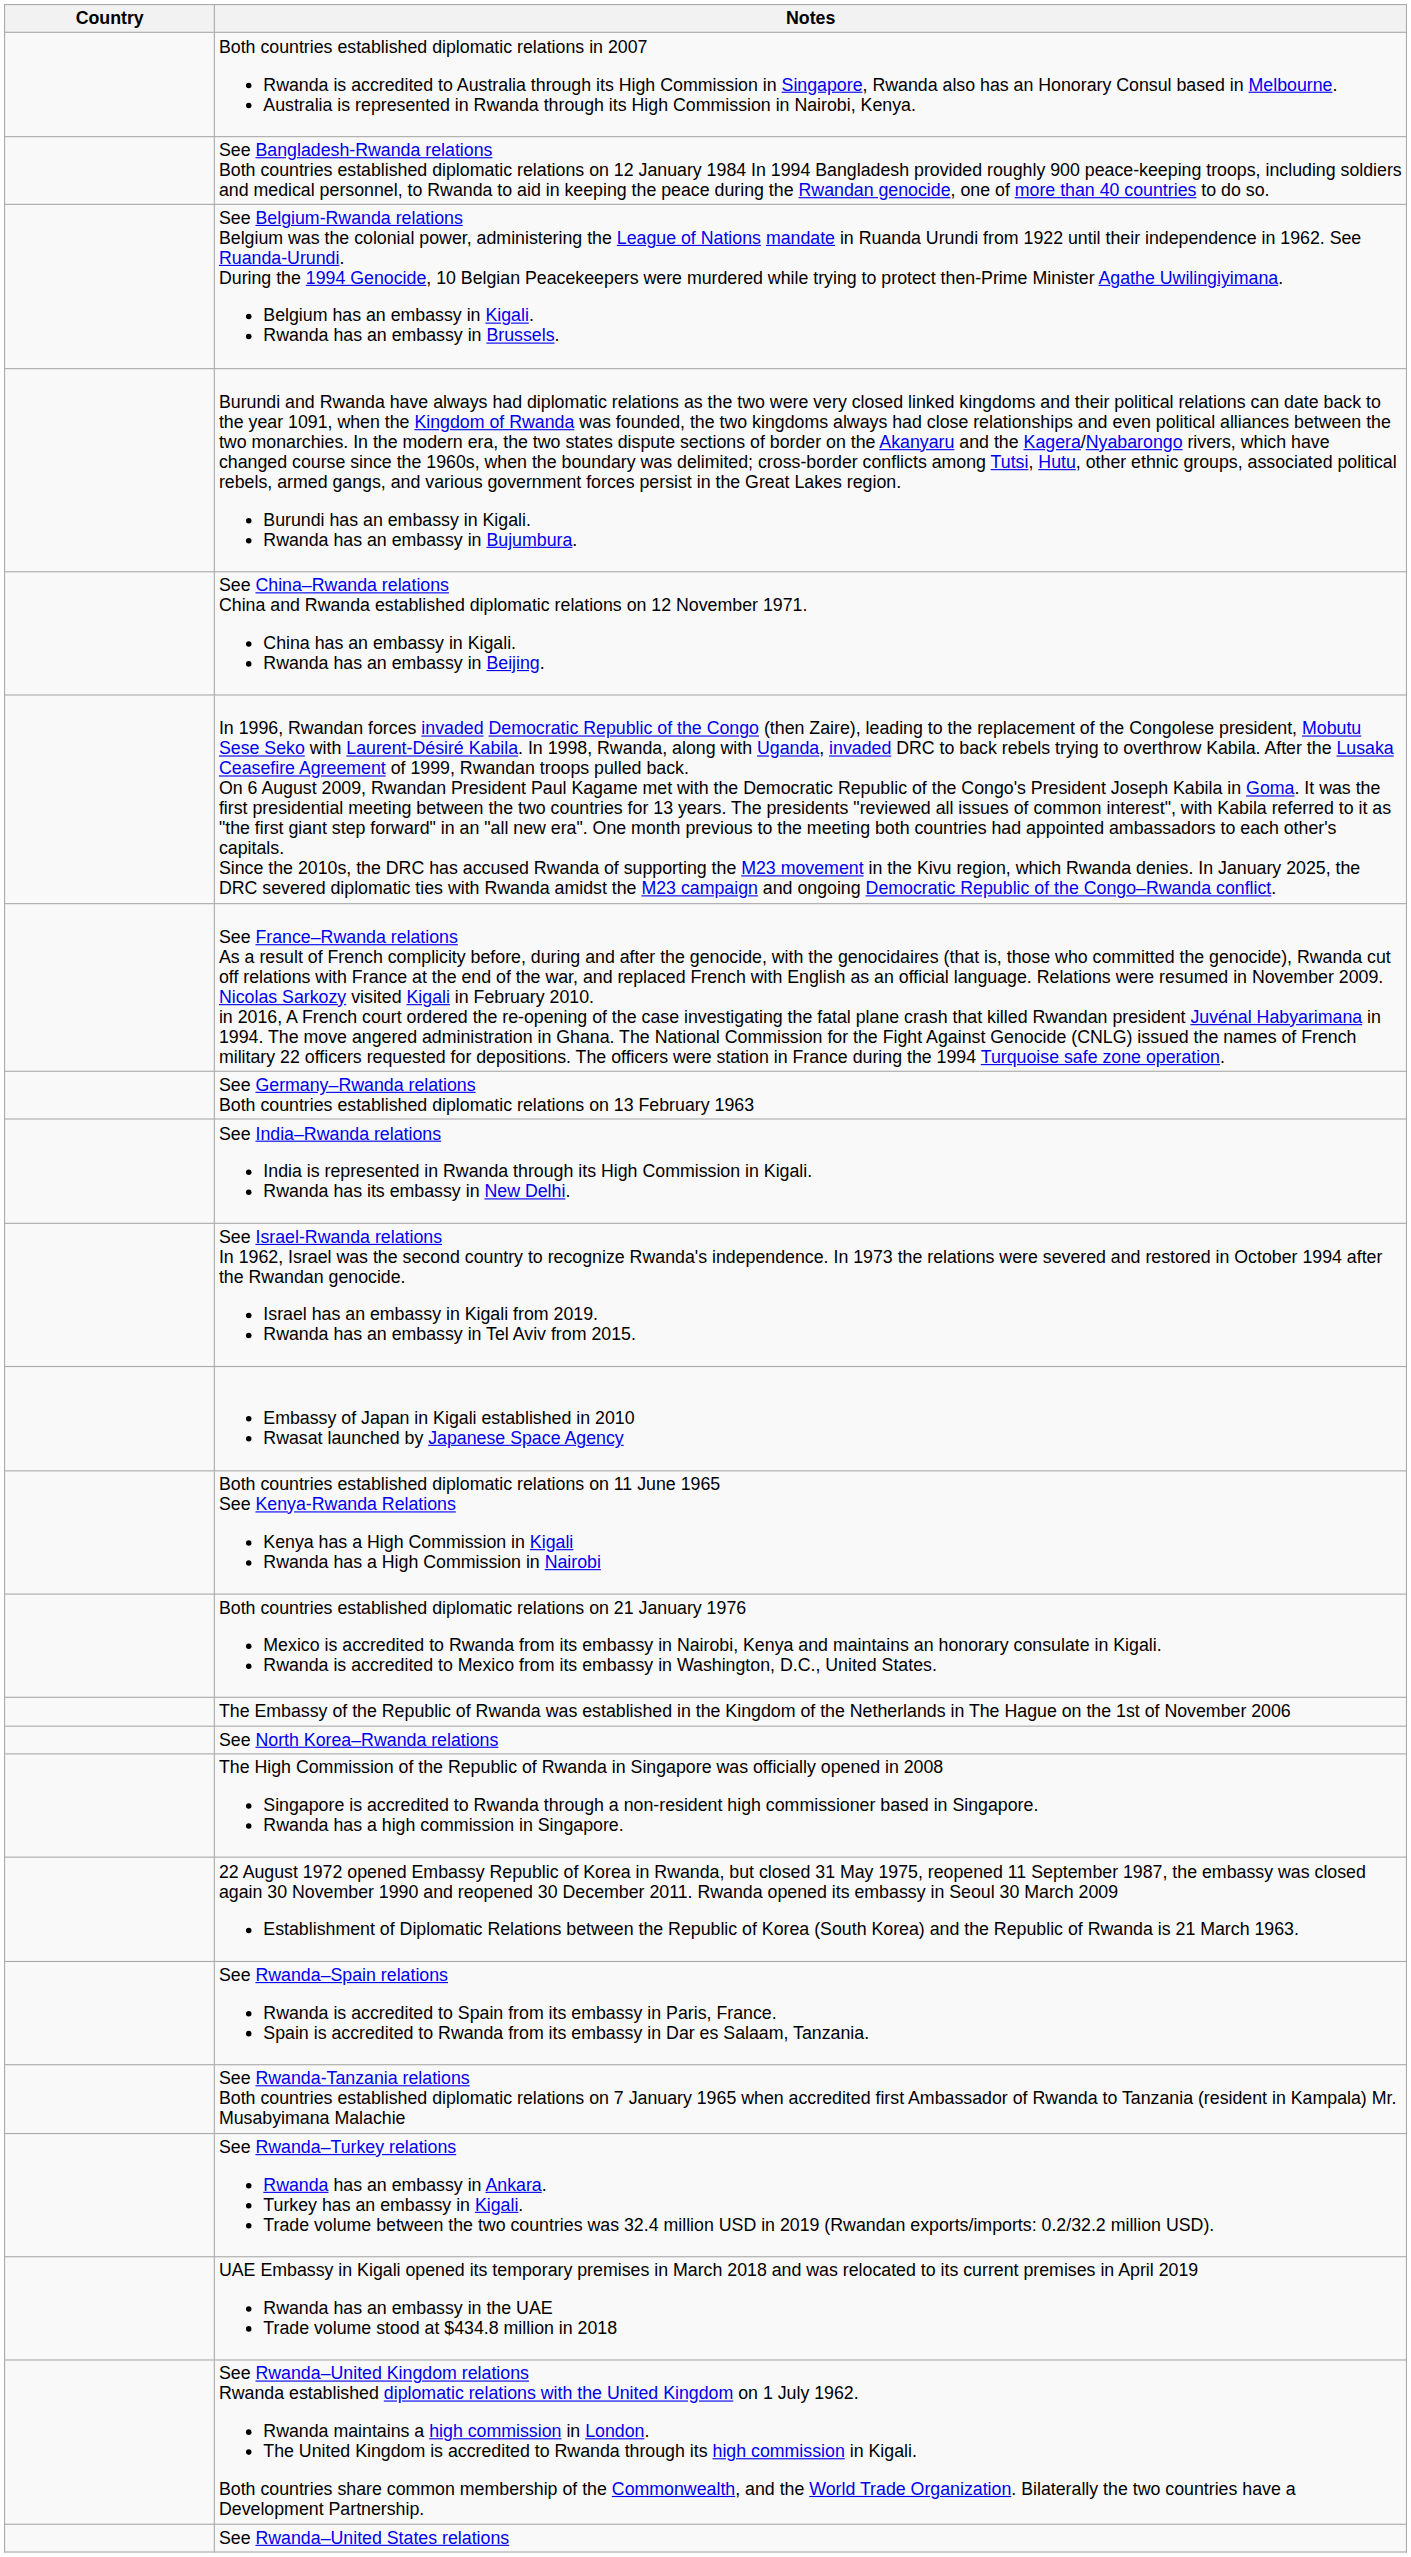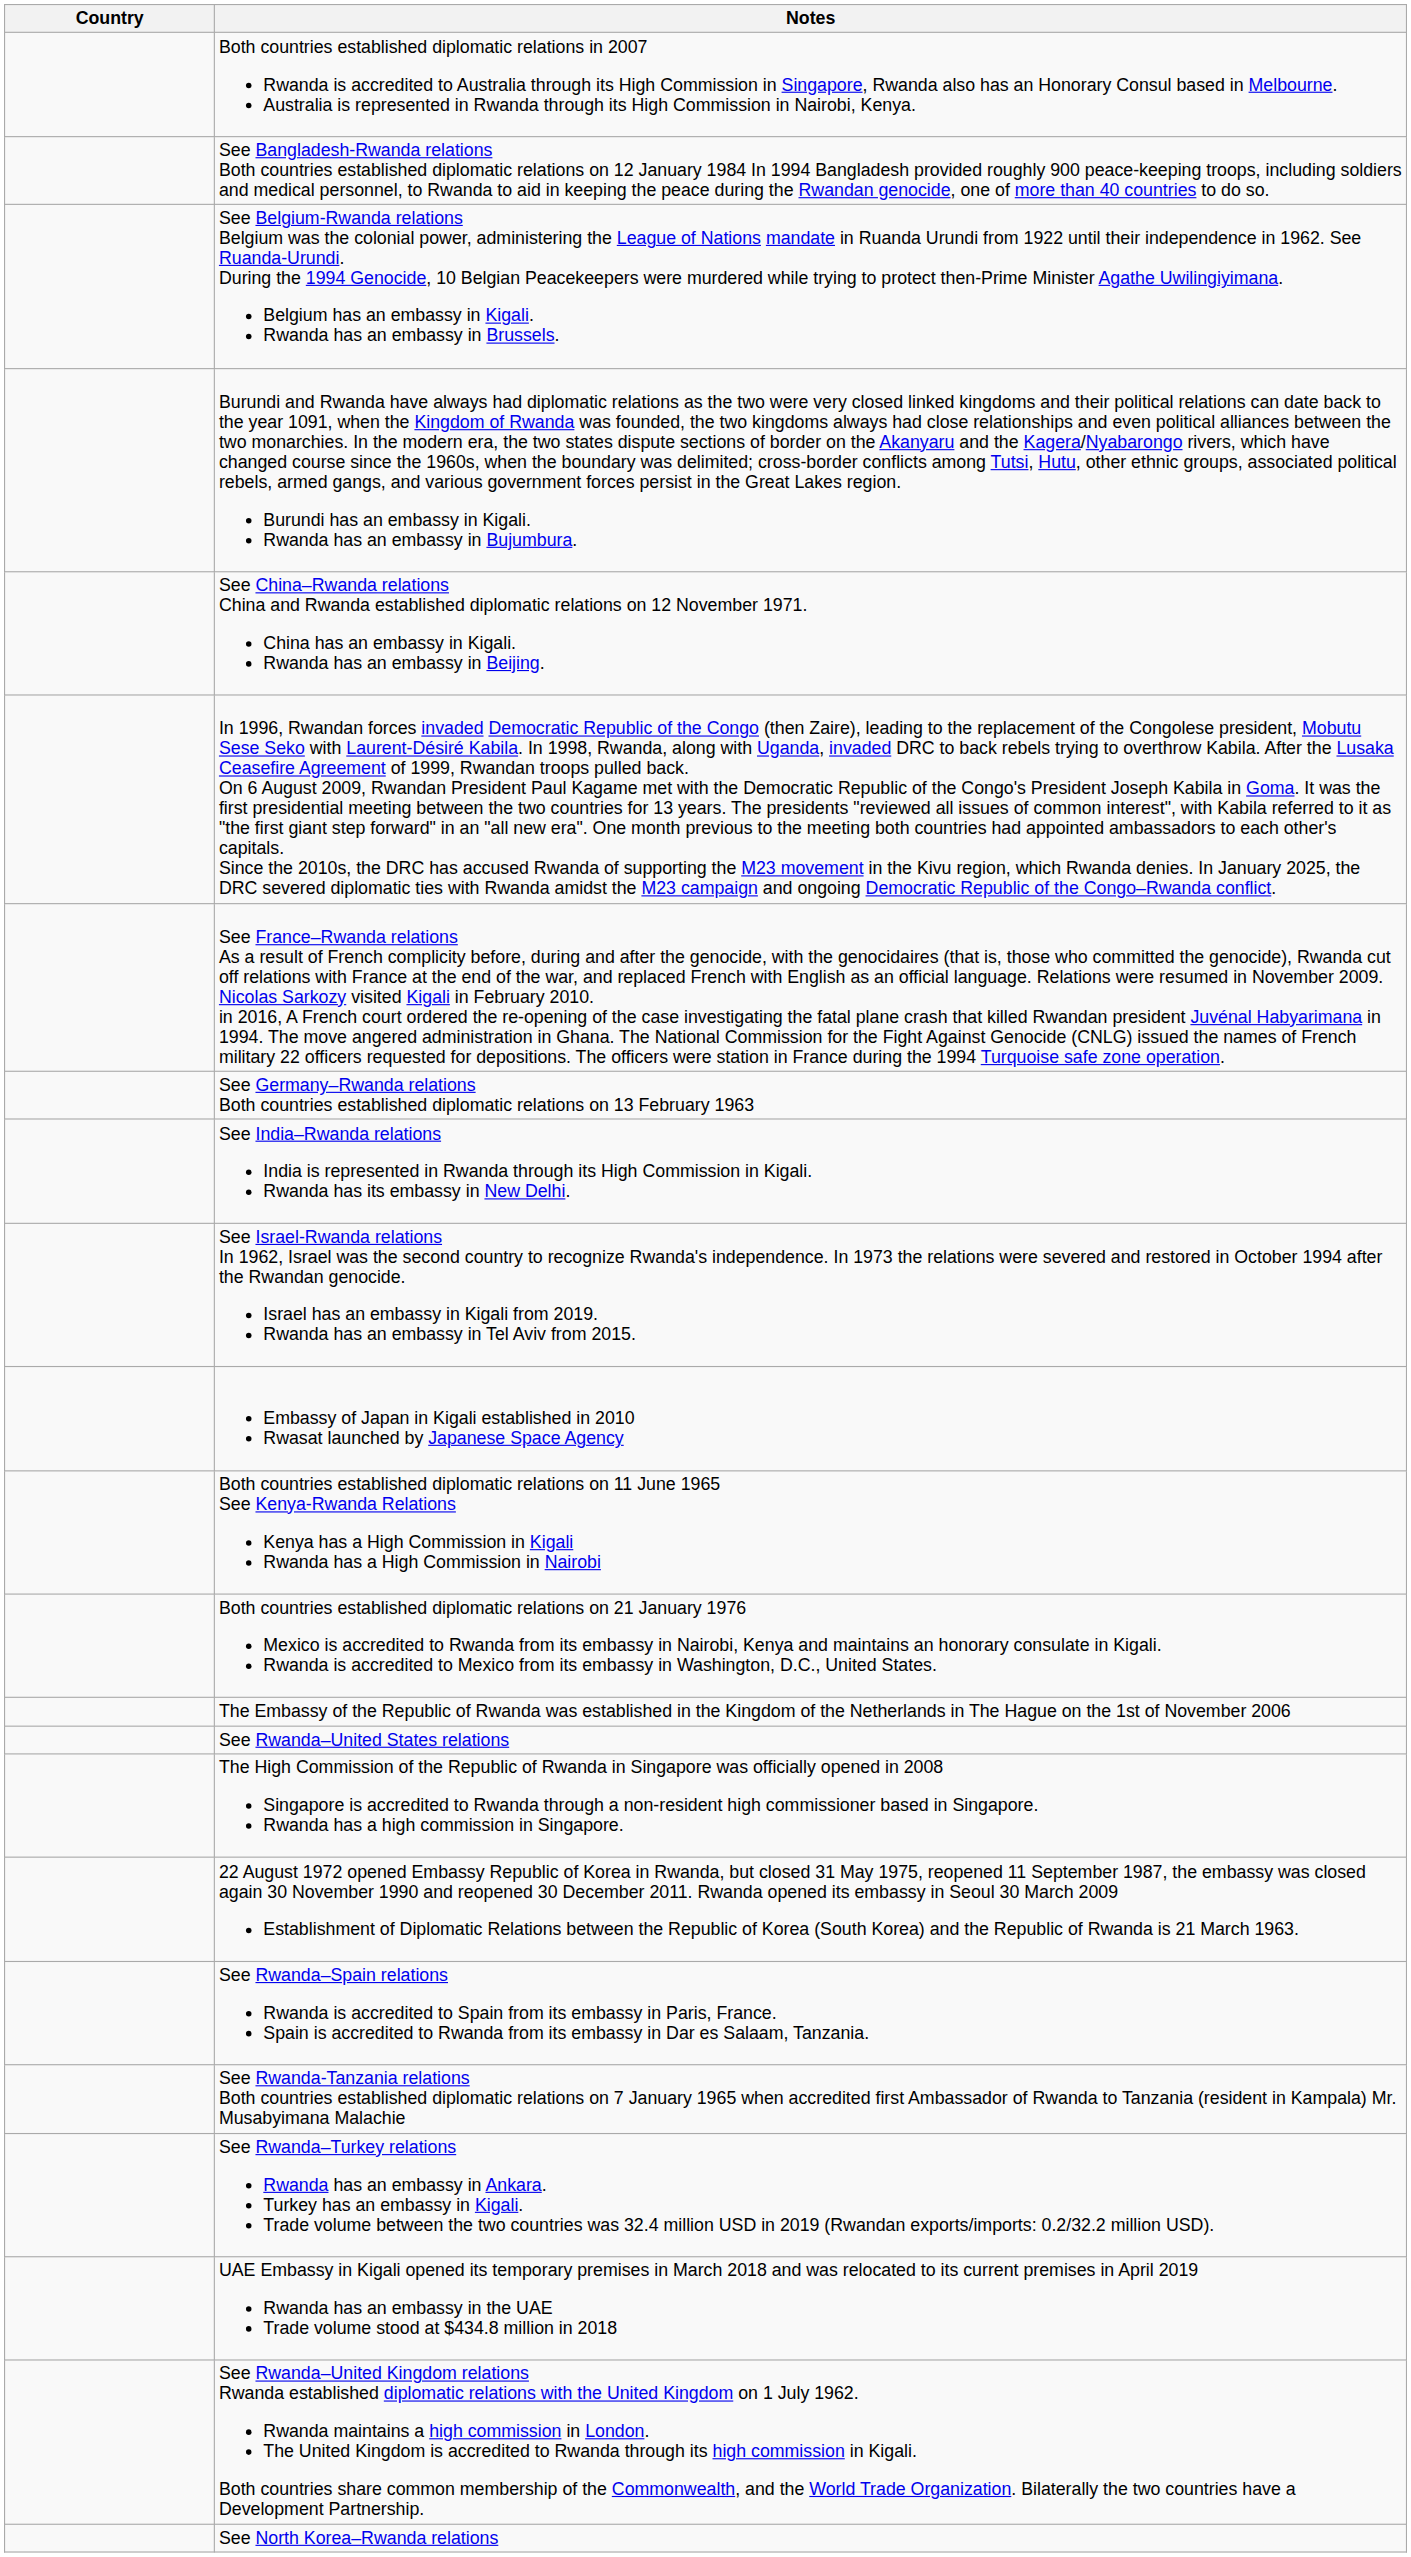 <table class="wikitable sortable" style="width:100%; margin:auto;">
 <tr>
 <th style="width:15%;">Country</th>
 <th>Notes</th>
 </tr>
 <tr valign="top">
 <td></td>
 <td>Both countries established diplomatic relations in 2007<br><ul><li>Rwanda is accredited to Australia through its High Commission in <a href='#'>Singapore</a>, Rwanda also has an Honorary Consul based in <a href='#'>Melbourne</a>.</li><li>Australia is represented in Rwanda through its High Commission in Nairobi, Kenya.</li></ul></td>
 </tr>
 <tr>
 <td></td>
 <td>See <a href='#'>Bangladesh-Rwanda relations</a><br>Both countries established diplomatic relations on 12 January 1984 In 1994 Bangladesh provided roughly 900 peace-keeping troops, including soldiers and medical personnel, to Rwanda to aid in keeping the peace during the <a href='#'>Rwandan genocide</a>, one of <a href='#'>more than 40 countries</a> to do so.</td>
 </tr>
 <tr valign="top">
 <td></td>
 <td>See <a href='#'>Belgium-Rwanda relations</a><br>Belgium was the colonial power, administering the <a href='#'>League of Nations</a> <a href='#'>mandate</a> in Ruanda Urundi from 1922 until their independence in 1962. See <a href='#'>Ruanda-Urundi</a>.<br>During the <a href='#'>1994 Genocide</a>, 10 Belgian Peacekeepers were murdered while trying to protect then-Prime Minister <a href='#'>Agathe Uwilingiyimana</a>.<ul><li>Belgium has an embassy in <a href='#'>Kigali</a>.</li><li>Rwanda has an embassy in <a href='#'>Brussels</a>.</li></ul></td>
 </tr>
 <tr valign="top">
 <td></td>
 <td><br>Burundi and Rwanda have always had diplomatic relations as the two were very closed linked kingdoms and their political relations can date back to the year 1091, when the <a href='#'>Kingdom of Rwanda</a> was founded, the two kingdoms always had close relationships and even political alliances between the two monarchies. In the modern era, the two states dispute sections of border on the <a href='#'>Akanyaru</a> and the <a href='#'>Kagera</a>/<a href='#'>Nyabarongo</a> rivers, which have changed course since the 1960s, when the boundary was delimited; cross-border conflicts among <a href='#'>Tutsi</a>, <a href='#'>Hutu</a>, other ethnic groups, associated political rebels, armed gangs, and various government forces persist in the Great Lakes region.<ul><li>Burundi has an embassy in Kigali.</li><li>Rwanda has an embassy in <a href='#'>Bujumbura</a>.</li></ul></td>
 </tr>
 <tr valign="top">
 <td></td>
 <td>See <a href='#'>China–Rwanda relations</a><br>China and Rwanda established diplomatic relations on 12 November 1971.<ul><li>China has an embassy in Kigali.</li><li>Rwanda has an embassy in <a href='#'>Beijing</a>.</li></ul></td>
 </tr>
 <tr valign="top">
 <td></td>
 <td><br>In 1996, Rwandan forces <a href='#'>invaded</a> <a href='#'>Democratic Republic of the Congo</a> (then Zaire), leading to the replacement of the Congolese president, <a href='#'>Mobutu Sese Seko</a> with <a href='#'>Laurent-Désiré Kabila</a>. In 1998, Rwanda, along with <a href='#'>Uganda</a>, <a href='#'>invaded</a> DRC to back rebels trying to overthrow Kabila. After the <a href='#'>Lusaka Ceasefire Agreement</a> of 1999, Rwandan troops pulled back.<br>On 6 August 2009, Rwandan President Paul Kagame met with the Democratic Republic of the Congo's President Joseph Kabila in <a href='#'>Goma</a>. It was the first presidential meeting between the two countries for 13 years. The presidents "reviewed all issues of common interest", with Kabila referred to it as "the first giant step forward" in an "all new era". One month previous to the meeting both countries had appointed ambassadors to each other's capitals.<br>Since the 2010s, the DRC has accused Rwanda of supporting the <a href='#'>M23 movement</a> in the Kivu region, which Rwanda denies. In January 2025, the DRC severed diplomatic ties with Rwanda amidst the <a href='#'>M23 campaign</a> and ongoing <a href='#'>Democratic Republic of the Congo–Rwanda conflict</a>.</td>
 </tr>
 <tr valign="top">
 <td></td>
 <td><br>See <a href='#'>France–Rwanda relations</a><br>As a result of French complicity before, during and after the genocide, with the genocidaires (that is, those who committed the genocide), Rwanda cut off relations with France at the end of the war, and replaced French with English as an official language. Relations were resumed in November 2009. <a href='#'>Nicolas Sarkozy</a> visited <a href='#'>Kigali</a> in February 2010.<br>in 2016, A French court ordered the re-opening of the case investigating the fatal plane crash that killed Rwandan president <a href='#'>Juvénal Habyarimana</a> in 1994. The move angered administration in Ghana. The National Commission for the Fight Against Genocide (CNLG) issued the names of French military 22 officers requested for depositions. The officers were station in France during the 1994 <a href='#'>Turquoise safe zone operation</a>.</td>
 </tr>
 <tr>
 <td></td>
 <td>See <a href='#'>Germany–Rwanda relations</a><br>Both countries established diplomatic relations on 13 February 1963</td>
 </tr>
 <tr valign="top">
 <td></td>
 <td>See <a href='#'>India–Rwanda relations</a><br><ul><li>India is represented in Rwanda through its High Commission in Kigali.</li><li>Rwanda has its embassy in <a href='#'>New Delhi</a>.</li></ul></td>
 </tr>
 <tr>
 <td></td>
 <td>See <a href='#'>Israel-Rwanda relations</a><br>In 1962, Israel was the second country  to recognize Rwanda's independence. In 1973 the relations were severed and restored in October 1994 after the Rwandan genocide.<ul><li>Israel has an embassy in Kigali from 2019.</li><li>Rwanda has an embassy in Tel Aviv from 2015.</li></ul></td>
 </tr>
 <tr>
 <td></td>
 <td><br><ul><li>Embassy of Japan in Kigali established in 2010</li><li>Rwasat launched by <a href='#'>Japanese Space Agency</a></li></ul></td>
 </tr>
 <tr>
 <td></td>
 <td>Both countries established diplomatic relations on 11 June 1965<br>See <a href='#'>Kenya-Rwanda Relations</a><ul><li>Kenya has a High Commission in <a href='#'>Kigali</a></li><li>Rwanda has a High Commission in <a href='#'>Nairobi</a></li></ul></td>
 </tr>
 <tr valign="top">
 <td></td>
 <td>Both countries established diplomatic relations on 21 January 1976<br><ul><li>Mexico is accredited to Rwanda from its embassy in Nairobi, Kenya and maintains an honorary consulate in Kigali.</li><li>Rwanda is accredited to Mexico from its embassy in Washington, D.C., United States.</li></ul></td>
 </tr>
 <tr>
 <td></td>
 <td>The Embassy of the Republic of Rwanda was established in the Kingdom of the Netherlands in The Hague on the 1st of November 2006</td>
 </tr>
-<tr>
+<tr valign="top">
 <td></td>
-<td>See <a href='#'>North Korea–Rwanda relations</a></td>
+<td>See <a href='#'>Rwanda–United States relations</a></td>
 </tr>
 <tr valign="top">
 <td></td>
 <td>The High Commission of the Republic of Rwanda in Singapore was officially opened in 2008<br><ul><li>Singapore is accredited to Rwanda through a non-resident high commissioner based in Singapore.</li><li>Rwanda has a high commission in Singapore.</li></ul></td>
 </tr>
 <tr valign="top">
 <td></td>
 <td>22 August 1972 opened Embassy Republic of Korea in Rwanda, but closed 31 May 1975, reopened 11 September 1987, the embassy was closed again 30 November 1990 and reopened 30 December 2011. Rwanda opened its embassy in Seoul 30 March 2009<br><ul><li>Establishment of Diplomatic Relations between the Republic of Korea (South Korea) and the Republic of Rwanda is 21 March 1963.</li></ul></td>
 </tr>
 <tr valign="top">
 <td></td>
 <td>See <a href='#'>Rwanda–Spain relations</a><br><ul><li>Rwanda is accredited to Spain from its embassy in Paris, France.</li><li>Spain is accredited to Rwanda from its embassy in Dar es Salaam, Tanzania.</li></ul></td>
 </tr>
 <tr>
 <td></td>
 <td>See <a href='#'>Rwanda-Tanzania relations</a><br>Both countries established diplomatic relations on 7 January 1965 when accredited first Ambassador of Rwanda to Tanzania (resident in Kampala) Mr. Musabyimana Malachie</td>
 </tr>
 <tr valign="top">
 <td></td>
 <td>See <a href='#'>Rwanda–Turkey relations</a><br><ul><li><a href='#'>Rwanda</a> has an embassy in <a href='#'>Ankara</a>.</li><li>Turkey has an embassy in <a href='#'>Kigali</a>.</li><li>Trade volume between the two countries was 32.4 million USD in 2019 (Rwandan exports/imports: 0.2/32.2 million USD).</li></ul></td>
 </tr>
 <tr>
 <td></td>
 <td>UAE Embassy in Kigali opened its temporary premises in March 2018 and was relocated to its current premises in April 2019<br><ul><li>Rwanda has an embassy in the UAE</li><li>Trade volume stood at $434.8 million in 2018</li></ul></td>
 </tr>
 <tr valign="top">
 <td></td>
 <td>See <a href='#'>Rwanda–United Kingdom relations</a><br>Rwanda established <a href='#'>diplomatic relations with the United Kingdom</a> on 1 July 1962.<ul><li>Rwanda maintains a <a href='#'>high commission</a> in <a href='#'>London</a>.</li><li>The United Kingdom is accredited to Rwanda through its <a href='#'>high commission</a> in Kigali.</li></ul>Both countries share common membership of the <a href='#'>Commonwealth</a>, and the <a href='#'>World Trade Organization</a>. Bilaterally the two countries have a Development Partnership.</td>
 </tr>
-<tr valign="top">
+<tr>
 <td></td>
-<td>See <a href='#'>Rwanda–United States relations</a></td>
+<td>See <a href='#'>North Korea–Rwanda relations</a></td>
 </tr>
 </table>
